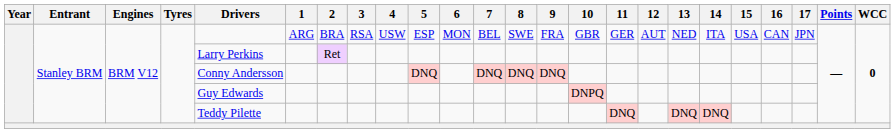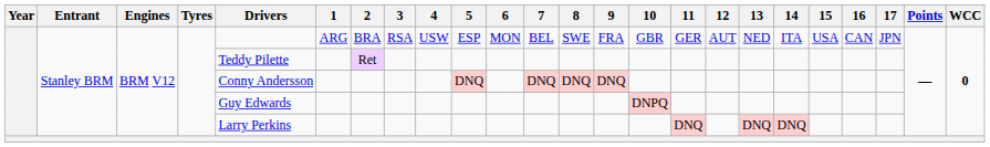 <table class="wikitable" style="text-align:center; font-size:95%">
 <tr>
 <th>Year</th>
 <th>Entrant</th>
 <th>Engines</th>
 <th>Tyres</th>
 <th>Drivers</th>
 <th>1</th>
 <th>2</th>
 <th>3</th>
 <th>4</th>
 <th>5</th>
 <th>6</th>
 <th>7</th>
 <th>8</th>
 <th>9</th>
 <th>10</th>
 <th>11</th>
 <th>12</th>
 <th>13</th>
 <th>14</th>
 <th>15</th>
 <th>16</th>
 <th>17</th>
 <th><a href='#'>Points</a></th>
 <th>WCC</th>
 </tr>
 <tr>
 <th rowspan="5"></th>
 <td rowspan="5"><a href='#'>Stanley BRM</a></td>
 <td rowspan="5"><a href='#'>BRM</a> <a href='#'>V12</a></td>
 <td rowspan="5"></td>
 <td></td>
 <td><a href='#'>ARG</a></td>
 <td><a href='#'>BRA</a></td>
 <td><a href='#'>RSA</a></td>
 <td><a href='#'>USW</a></td>
 <td><a href='#'>ESP</a></td>
 <td><a href='#'>MON</a></td>
 <td><a href='#'>BEL</a></td>
 <td><a href='#'>SWE</a></td>
 <td><a href='#'>FRA</a></td>
 <td><a href='#'>GBR</a></td>
 <td><a href='#'>GER</a></td>
 <td><a href='#'>AUT</a></td>
 <td><a href='#'>NED</a></td>
 <td><a href='#'>ITA</a></td>
 <td><a href='#'>USA</a></td>
 <td><a href='#'>CAN</a></td>
 <td><a href='#'>JPN</a></td>
 <td rowspan="5"><strong>—</strong></td>
 <td rowspan="5"><strong>0</strong></td>
 </tr>
 <tr>
-<td align="left"><a href='#'>Larry Perkins</a></td>
+<td align="left"><a href='#'>Teddy Pilette</a></td>
 <td></td>
 <td style="background:#EFCFFF;">Ret</td>
 <td></td>
 <td></td>
 <td></td>
 <td></td>
 <td></td>
 <td></td>
 <td></td>
 <td></td>
 <td></td>
 <td></td>
 <td></td>
 <td></td>
 <td></td>
 <td></td>
 <td></td>
 </tr>
 <tr>
 <td align="left"><a href='#'>Conny Andersson</a></td>
 <td></td>
 <td></td>
 <td></td>
 <td></td>
 <td style="background:#FFCFCF;">DNQ</td>
 <td></td>
 <td style="background:#FFCFCF;">DNQ</td>
 <td style="background:#FFCFCF;">DNQ</td>
 <td style="background:#FFCFCF;">DNQ</td>
 <td></td>
 <td></td>
 <td></td>
 <td></td>
 <td></td>
 <td></td>
 <td></td>
 <td></td>
 </tr>
 <tr>
 <td align="left"><a href='#'>Guy Edwards</a></td>
 <td></td>
 <td></td>
 <td></td>
 <td></td>
 <td></td>
 <td></td>
 <td></td>
 <td></td>
 <td></td>
 <td style="background:#FFCFCF;">DNPQ</td>
 <td></td>
 <td></td>
 <td></td>
 <td></td>
 <td></td>
 <td></td>
 <td></td>
 </tr>
 <tr>
-<td align="left"><a href='#'>Teddy Pilette</a></td>
+<td align="left"><a href='#'>Larry Perkins</a></td>
 <td></td>
 <td></td>
 <td></td>
 <td></td>
 <td></td>
 <td></td>
 <td></td>
 <td></td>
 <td></td>
 <td></td>
 <td style="background:#FFCFCF;">DNQ</td>
 <td></td>
 <td style="background:#FFCFCF;">DNQ</td>
 <td style="background:#FFCFCF;">DNQ</td>
 <td></td>
 <td></td>
 <td></td>
 </tr>
 <tr>
 <th colspan="24"></th>
 </tr>
 </table>
